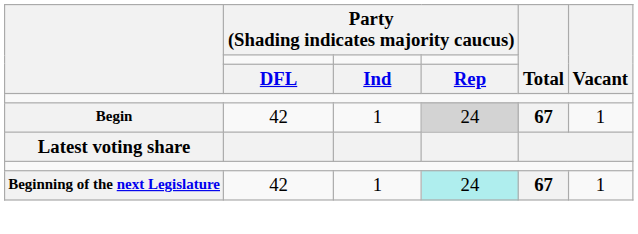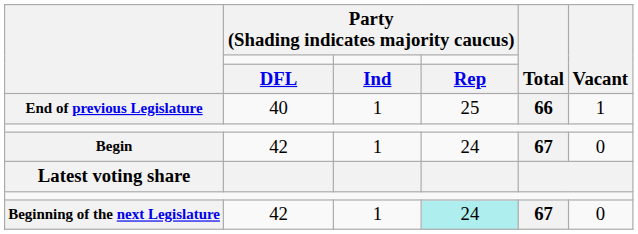 <table class=wikitable style="text-align:center">
 <tr style="vertical-align:bottom;">
 <th rowspan=3></th>
 <th colspan=3>Party <div>(Shading indicates majority caucus)</div></th>
 <th rowspan=3>Total</th>
 <th rowspan=3>Vacant</th>
 </tr>
 <tr style="height:5px">
 <td style="background-color:"></td>
 <td style="background-color:"></td>
 <td style="background-color:"></td>
 </tr>
 <tr>
 <th><a href='#'>DFL</a></th>
 <th><a href='#'>Ind</a></th>
 <th><a href='#'>Rep</a></th>
 </tr>
 <tr>
+<th style="white-space:nowrap; font-size:80%;">End of <a href='#'>previous Legislature</a></th>
+<td>40</td>
+<td>1</td>
+<td>25</td>
+<th>66</th>
+<td>1</td>
+</tr>
+<tr>
 <td colspan=6></td>
 </tr>
 <tr>
 <th style="font-size:80%">Begin</th>
 <td>42</td>
 <td>1</td>
-<td style="background: lightgrey;">24</td>
+<td>24</td>
 <th>67</th>
-<td>1</td>
+<td>0</td>
 </tr>
 <tr>
 <th>Latest voting share</th>
 <th></th>
 <th></th>
 <th></th>
 <th colspan=2></th>
 </tr>
 <tr>
 <td colspan=6></td>
 </tr>
 <tr>
 <th style="white-space:nowrap; font-size:80%;">Beginning of the <a href='#'>next Legislature</a></th>
 <td>42</td>
 <td>1</td>
 <td style="background: paleturquoise;">24</td>
 <th>67</th>
-<td>1</td>
+<td>0</td>
 </tr>
 </table>
